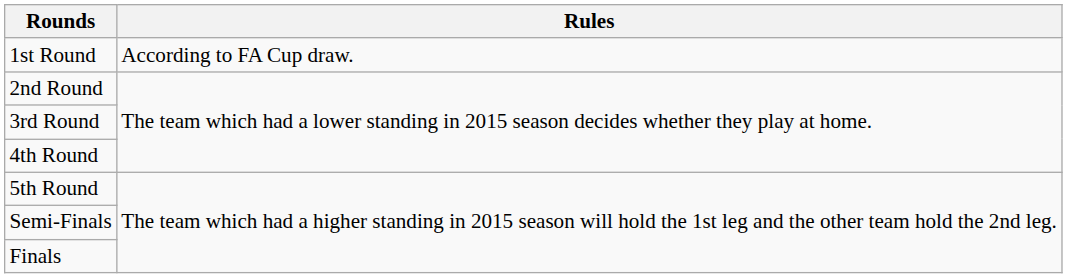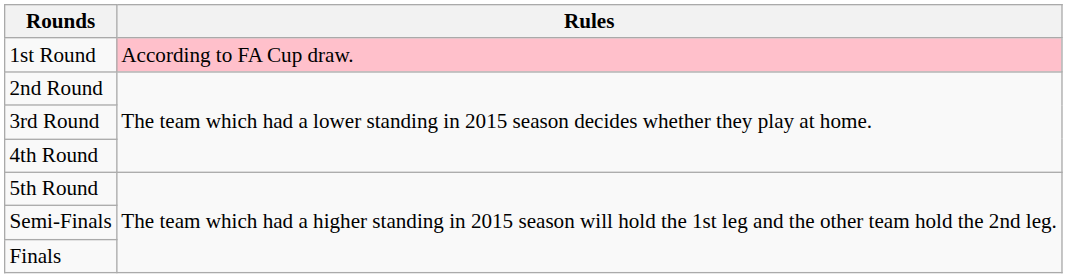 <table class="wikitable">
 <tr>
 <th>Rounds</th>
 <th>Rules</th>
 </tr>
 <tr>
 <td>1st Round</td>
-<td>According to FA Cup draw.</td>
+<td style="background: pink;">According to FA Cup draw.</td>
 </tr>
 <tr>
 <td>2nd Round</td>
 <td rowspan="3">The team which had a lower standing in 2015 season decides whether they play at home.</td>
 </tr>
 <tr>
 <td>3rd Round</td>
 </tr>
 <tr>
 <td>4th Round</td>
 </tr>
 <tr>
 <td>5th Round</td>
 <td rowspan="3">The team which had a higher standing in 2015 season will hold the 1st leg and the other team hold the 2nd leg.</td>
 </tr>
 <tr>
 <td>Semi-Finals</td>
 </tr>
 <tr>
 <td>Finals</td>
 </tr>
 </table>
